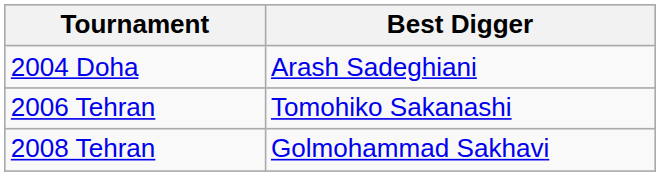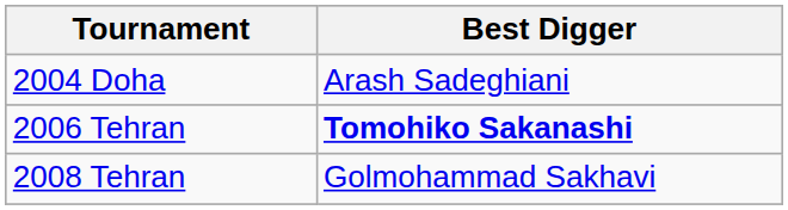 <table class=wikitable style="width: 400px;">
 <tr>
 <th style="width: 40%;">Tournament</th>
 <th style="width: 60%;">Best Digger</th>
 </tr>
 <tr>
 <td><a href='#'>2004 Doha</a></td>
 <td> <a href='#'>Arash Sadeghiani</a></td>
 </tr>
 <tr>
 <td><a href='#'>2006 Tehran</a></td>
-<td> <a href='#'>Tomohiko Sakanashi</a></td>
+<td><strong> <a href='#'>Tomohiko Sakanashi</a></strong></td>
 </tr>
 <tr>
 <td><a href='#'>2008 Tehran</a></td>
 <td> <a href='#'>Golmohammad Sakhavi</a></td>
 </tr>
 </table>
